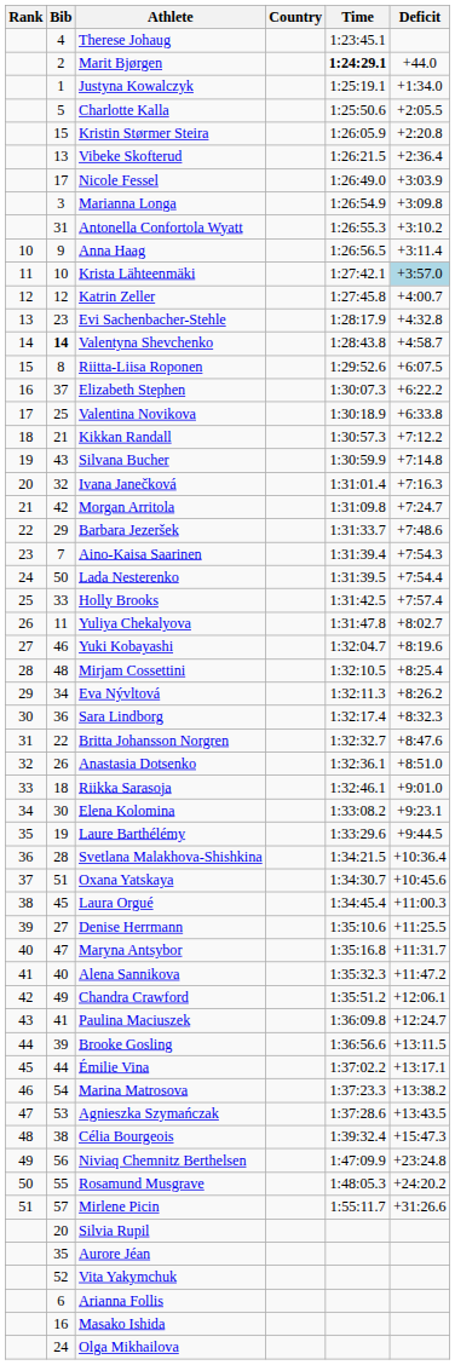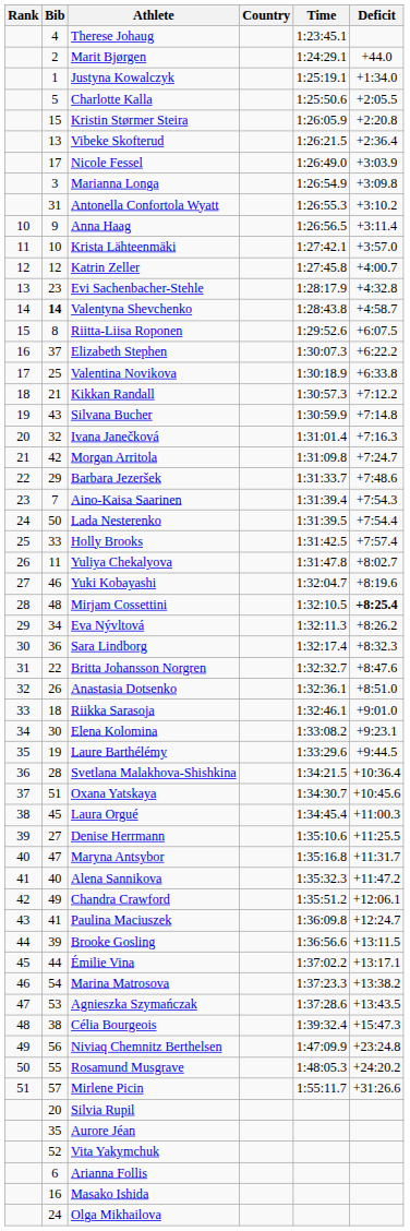 <table class="wikitable sortable" style="text-align:center">
 <tr>
 <th>Rank</th>
 <th>Bib</th>
 <th>Athlete</th>
 <th>Country</th>
 <th>Time</th>
 <th>Deficit</th>
 </tr>
 <tr>
 <td></td>
 <td>4</td>
 <td align=left><a href='#'>Therese Johaug</a></td>
 <td align=left></td>
 <td>1:23:45.1</td>
 <td></td>
 </tr>
 <tr>
 <td></td>
 <td>2</td>
 <td align=left><a href='#'>Marit Bjørgen</a></td>
 <td align=left></td>
-<td><strong>1:24:29.1</strong></td>
+<td>1:24:29.1</td>
 <td>+44.0</td>
 </tr>
 <tr>
 <td></td>
 <td>1</td>
 <td align=left><a href='#'>Justyna Kowalczyk</a></td>
 <td align=left></td>
 <td>1:25:19.1</td>
 <td>+1:34.0</td>
 </tr>
 <tr>
 <td></td>
 <td>5</td>
 <td align=left><a href='#'>Charlotte Kalla</a></td>
 <td align=left></td>
 <td>1:25:50.6</td>
 <td>+2:05.5</td>
 </tr>
 <tr>
 <td></td>
 <td>15</td>
 <td align=left><a href='#'>Kristin Størmer Steira</a></td>
 <td align=left></td>
 <td>1:26:05.9</td>
 <td>+2:20.8</td>
 </tr>
 <tr>
 <td></td>
 <td>13</td>
 <td align=left><a href='#'>Vibeke Skofterud</a></td>
 <td align=left></td>
 <td>1:26:21.5</td>
 <td>+2:36.4</td>
 </tr>
 <tr>
 <td></td>
 <td>17</td>
 <td align=left><a href='#'>Nicole Fessel</a></td>
 <td align=left></td>
 <td>1:26:49.0</td>
 <td>+3:03.9</td>
 </tr>
 <tr>
 <td></td>
 <td>3</td>
 <td align=left><a href='#'>Marianna Longa</a></td>
 <td align=left></td>
 <td>1:26:54.9</td>
 <td>+3:09.8</td>
 </tr>
 <tr>
 <td></td>
 <td>31</td>
 <td align=left><a href='#'>Antonella Confortola Wyatt</a></td>
 <td align=left></td>
 <td>1:26:55.3</td>
 <td>+3:10.2</td>
 </tr>
 <tr>
 <td>10</td>
 <td>9</td>
 <td align=left><a href='#'>Anna Haag</a></td>
 <td align=left></td>
 <td>1:26:56.5</td>
 <td>+3:11.4</td>
 </tr>
 <tr>
 <td>11</td>
 <td>10</td>
 <td align=left><a href='#'>Krista Lähteenmäki</a></td>
 <td align=left></td>
 <td>1:27:42.1</td>
-<td style="background: lightblue;">+3:57.0</td>
+<td>+3:57.0</td>
 </tr>
 <tr>
 <td>12</td>
 <td>12</td>
 <td align=left><a href='#'>Katrin Zeller</a></td>
 <td align=left></td>
 <td>1:27:45.8</td>
 <td>+4:00.7</td>
 </tr>
 <tr>
 <td>13</td>
 <td>23</td>
 <td align=left><a href='#'>Evi Sachenbacher-Stehle</a></td>
 <td align=left></td>
 <td>1:28:17.9</td>
 <td>+4:32.8</td>
 </tr>
 <tr>
 <td>14</td>
 <td><strong>14</strong></td>
 <td align=left><a href='#'>Valentyna Shevchenko</a></td>
 <td align=left></td>
 <td>1:28:43.8</td>
 <td>+4:58.7</td>
 </tr>
 <tr>
 <td>15</td>
 <td>8</td>
 <td align=left><a href='#'>Riitta-Liisa Roponen</a></td>
 <td align=left></td>
 <td>1:29:52.6</td>
 <td>+6:07.5</td>
 </tr>
 <tr>
 <td>16</td>
 <td>37</td>
 <td align=left><a href='#'>Elizabeth Stephen</a></td>
 <td align=left></td>
 <td>1:30:07.3</td>
 <td>+6:22.2</td>
 </tr>
 <tr>
 <td>17</td>
 <td>25</td>
 <td align=left><a href='#'>Valentina Novikova</a></td>
 <td align=left></td>
 <td>1:30:18.9</td>
 <td>+6:33.8</td>
 </tr>
 <tr>
 <td>18</td>
 <td>21</td>
 <td align=left><a href='#'>Kikkan Randall</a></td>
 <td align=left></td>
 <td>1:30:57.3</td>
 <td>+7:12.2</td>
 </tr>
 <tr>
 <td>19</td>
 <td>43</td>
 <td align=left><a href='#'>Silvana Bucher</a></td>
 <td align=left></td>
 <td>1:30:59.9</td>
 <td>+7:14.8</td>
 </tr>
 <tr>
 <td>20</td>
 <td>32</td>
 <td align=left><a href='#'>Ivana Janečková</a></td>
 <td align=left></td>
 <td>1:31:01.4</td>
 <td>+7:16.3</td>
 </tr>
 <tr>
 <td>21</td>
 <td>42</td>
 <td align=left><a href='#'>Morgan Arritola</a></td>
 <td align=left></td>
 <td>1:31:09.8</td>
 <td>+7:24.7</td>
 </tr>
 <tr>
 <td>22</td>
 <td>29</td>
 <td align=left><a href='#'>Barbara Jezeršek</a></td>
 <td align=left></td>
 <td>1:31:33.7</td>
 <td>+7:48.6</td>
 </tr>
 <tr>
 <td>23</td>
 <td>7</td>
 <td align=left><a href='#'>Aino-Kaisa Saarinen</a></td>
 <td align=left></td>
 <td>1:31:39.4</td>
 <td>+7:54.3</td>
 </tr>
 <tr>
 <td>24</td>
 <td>50</td>
 <td align=left><a href='#'>Lada Nesterenko</a></td>
 <td align=left></td>
 <td>1:31:39.5</td>
 <td>+7:54.4</td>
 </tr>
 <tr>
 <td>25</td>
 <td>33</td>
 <td align=left><a href='#'>Holly Brooks</a></td>
 <td align=left></td>
 <td>1:31:42.5</td>
 <td>+7:57.4</td>
 </tr>
 <tr>
 <td>26</td>
 <td>11</td>
 <td align=left><a href='#'>Yuliya Chekalyova</a></td>
 <td align=left></td>
 <td>1:31:47.8</td>
 <td>+8:02.7</td>
 </tr>
 <tr>
 <td>27</td>
 <td>46</td>
 <td align=left><a href='#'>Yuki Kobayashi</a></td>
 <td align=left></td>
 <td>1:32:04.7</td>
 <td>+8:19.6</td>
 </tr>
 <tr>
 <td>28</td>
 <td>48</td>
 <td align=left><a href='#'>Mirjam Cossettini</a></td>
 <td align=left></td>
 <td>1:32:10.5</td>
-<td>+8:25.4</td>
+<td><strong>+8:25.4</strong></td>
 </tr>
 <tr>
 <td>29</td>
 <td>34</td>
 <td align=left><a href='#'>Eva Nývltová</a></td>
 <td align=left></td>
 <td>1:32:11.3</td>
 <td>+8:26.2</td>
 </tr>
 <tr>
 <td>30</td>
 <td>36</td>
 <td align=left><a href='#'>Sara Lindborg</a></td>
 <td align=left></td>
 <td>1:32:17.4</td>
 <td>+8:32.3</td>
 </tr>
 <tr>
 <td>31</td>
 <td>22</td>
 <td align=left><a href='#'>Britta Johansson Norgren</a></td>
 <td align=left></td>
 <td>1:32:32.7</td>
 <td>+8:47.6</td>
 </tr>
 <tr>
 <td>32</td>
 <td>26</td>
 <td align=left><a href='#'>Anastasia Dotsenko</a></td>
 <td align=left></td>
 <td>1:32:36.1</td>
 <td>+8:51.0</td>
 </tr>
 <tr>
 <td>33</td>
 <td>18</td>
 <td align=left><a href='#'>Riikka Sarasoja</a></td>
 <td align=left></td>
 <td>1:32:46.1</td>
 <td>+9:01.0</td>
 </tr>
 <tr>
 <td>34</td>
 <td>30</td>
 <td align=left><a href='#'>Elena Kolomina</a></td>
 <td align=left></td>
 <td>1:33:08.2</td>
 <td>+9:23.1</td>
 </tr>
 <tr>
 <td>35</td>
 <td>19</td>
 <td align=left><a href='#'>Laure Barthélémy</a></td>
 <td align=left></td>
 <td>1:33:29.6</td>
 <td>+9:44.5</td>
 </tr>
 <tr>
 <td>36</td>
 <td>28</td>
 <td align=left><a href='#'>Svetlana Malakhova-Shishkina</a></td>
 <td align=left></td>
 <td>1:34:21.5</td>
 <td>+10:36.4</td>
 </tr>
 <tr>
 <td>37</td>
 <td>51</td>
 <td align=left><a href='#'>Oxana Yatskaya</a></td>
 <td align=left></td>
 <td>1:34:30.7</td>
 <td>+10:45.6</td>
 </tr>
 <tr>
 <td>38</td>
 <td>45</td>
 <td align=left><a href='#'>Laura Orgué</a></td>
 <td align=left></td>
 <td>1:34:45.4</td>
 <td>+11:00.3</td>
 </tr>
 <tr>
 <td>39</td>
 <td>27</td>
 <td align=left><a href='#'>Denise Herrmann</a></td>
 <td align=left></td>
 <td>1:35:10.6</td>
 <td>+11:25.5</td>
 </tr>
 <tr>
 <td>40</td>
 <td>47</td>
 <td align=left><a href='#'>Maryna Antsybor</a></td>
 <td align=left></td>
 <td>1:35:16.8</td>
 <td>+11:31.7</td>
 </tr>
 <tr>
 <td>41</td>
 <td>40</td>
 <td align=left><a href='#'>Alena Sannikova</a></td>
 <td align=left></td>
 <td>1:35:32.3</td>
 <td>+11:47.2</td>
 </tr>
 <tr>
 <td>42</td>
 <td>49</td>
 <td align=left><a href='#'>Chandra Crawford</a></td>
 <td align=left></td>
 <td>1:35:51.2</td>
 <td>+12:06.1</td>
 </tr>
 <tr>
 <td>43</td>
 <td>41</td>
 <td align=left><a href='#'>Paulina Maciuszek</a></td>
 <td align=left></td>
 <td>1:36:09.8</td>
 <td>+12:24.7</td>
 </tr>
 <tr>
 <td>44</td>
 <td>39</td>
 <td align=left><a href='#'>Brooke Gosling</a></td>
 <td align=left></td>
 <td>1:36:56.6</td>
 <td>+13:11.5</td>
 </tr>
 <tr>
 <td>45</td>
 <td>44</td>
 <td align=left><a href='#'>Émilie Vina</a></td>
 <td align=left></td>
 <td>1:37:02.2</td>
 <td>+13:17.1</td>
 </tr>
 <tr>
 <td>46</td>
 <td>54</td>
 <td align=left><a href='#'>Marina Matrosova</a></td>
 <td align=left></td>
 <td>1:37:23.3</td>
 <td>+13:38.2</td>
 </tr>
 <tr>
 <td>47</td>
 <td>53</td>
 <td align=left><a href='#'>Agnieszka Szymańczak</a></td>
 <td align=left></td>
 <td>1:37:28.6</td>
 <td>+13:43.5</td>
 </tr>
 <tr>
 <td>48</td>
 <td>38</td>
 <td align=left><a href='#'>Célia Bourgeois</a></td>
 <td align=left></td>
 <td>1:39:32.4</td>
 <td>+15:47.3</td>
 </tr>
 <tr>
 <td>49</td>
 <td>56</td>
 <td align=left><a href='#'>Niviaq Chemnitz Berthelsen</a></td>
 <td align=left></td>
 <td>1:47:09.9</td>
 <td>+23:24.8</td>
 </tr>
 <tr>
 <td>50</td>
 <td>55</td>
 <td align=left><a href='#'>Rosamund Musgrave</a></td>
 <td align=left></td>
 <td>1:48:05.3</td>
 <td>+24:20.2</td>
 </tr>
 <tr>
 <td>51</td>
 <td>57</td>
 <td align=left><a href='#'>Mirlene Picin</a></td>
 <td align=left></td>
 <td>1:55:11.7</td>
 <td>+31:26.6</td>
 </tr>
 <tr>
 <td></td>
 <td>20</td>
 <td align=left><a href='#'>Silvia Rupil</a></td>
 <td align=left></td>
 <td></td>
 <td></td>
 </tr>
 <tr>
 <td></td>
 <td>35</td>
 <td align=left><a href='#'>Aurore Jéan</a></td>
 <td align=left></td>
 <td></td>
 <td></td>
 </tr>
 <tr>
 <td></td>
 <td>52</td>
 <td align=left><a href='#'>Vita Yakymchuk</a></td>
 <td align=left></td>
 <td></td>
 <td></td>
 </tr>
 <tr>
 <td></td>
 <td>6</td>
 <td align=left><a href='#'>Arianna Follis</a></td>
 <td align=left></td>
 <td></td>
 <td></td>
 </tr>
 <tr>
 <td></td>
 <td>16</td>
 <td align=left><a href='#'>Masako Ishida</a></td>
 <td align=left></td>
 <td></td>
 <td></td>
 </tr>
 <tr>
 <td></td>
 <td>24</td>
 <td align=left><a href='#'>Olga Mikhailova</a></td>
 <td align=left></td>
 <td></td>
 <td></td>
 </tr>
 </table>
